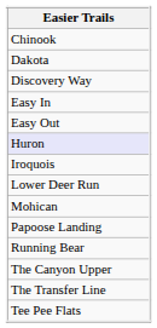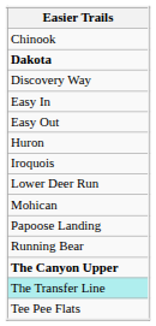 <table class="wikitable" style="margin:10px; float:left; border: inset; border-collapse:collapse;" border="2" width="20%">
 <tr>
 <th>Easier Trails </th>
 </tr>
 <tr>
 <td>Chinook</td>
 </tr>
 <tr>
-<td>Dakota</td>
+<td><strong>Dakota</strong></td>
 </tr>
 <tr>
 <td>Discovery Way</td>
 </tr>
 <tr>
 <td>Easy In</td>
 </tr>
 <tr>
 <td>Easy Out</td>
 </tr>
 <tr>
-<td style="background: lavender;">Huron</td>
+<td>Huron</td>
 </tr>
 <tr>
 <td>Iroquois</td>
 </tr>
 <tr>
 <td>Lower Deer Run</td>
 </tr>
 <tr>
 <td>Mohican</td>
 </tr>
 <tr>
 <td>Papoose Landing</td>
 </tr>
 <tr>
 <td>Running Bear</td>
 </tr>
 <tr>
-<td>The Canyon Upper</td>
+<td><strong>The Canyon Upper</strong></td>
 </tr>
 <tr>
-<td>The Transfer Line</td>
+<td style="background: paleturquoise;">The Transfer Line</td>
 </tr>
 <tr>
 <td>Tee Pee Flats</td>
 </tr>
 <tr>
 </tr>
 </table>
